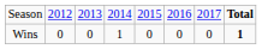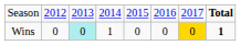 <table class="wikitable sortable">
 <tr>
 <td>Season</td>
 <td><a href='#'>2012</a></td>
 <td><a href='#'>2013</a></td>
 <td><a href='#'>2014</a></td>
 <td><a href='#'>2015</a></td>
 <td><a href='#'>2016</a></td>
 <td><a href='#'>2017</a></td>
 <td><strong>Total</strong></td>
 </tr>
 <tr align=center>
 <td>Wins</td>
 <td>0</td>
-<td>0</td>
+<td style="background: paleturquoise;">0</td>
 <td>1</td>
 <td>0</td>
 <td>0</td>
-<td>0</td>
+<td style="background: gold;">0</td>
 <td><strong>1</strong></td>
 </tr>
 </table>
